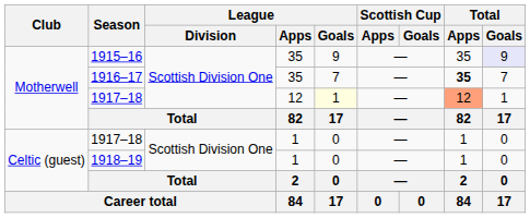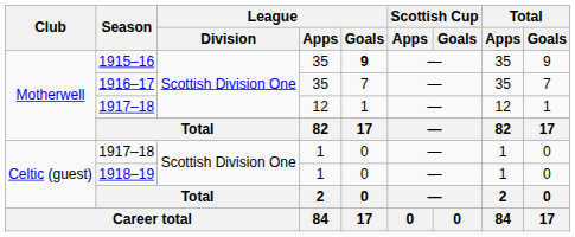 <table class="wikitable" style="text-align: center;">
 <tr>
 <th rowspan="2">Club</th>
 <th rowspan="2">Season</th>
 <th colspan="3">League</th>
 <th colspan="2">Scottish Cup</th>
 <th colspan="2">Total</th>
 </tr>
 <tr>
 <th>Division</th>
 <th>Apps</th>
 <th>Goals</th>
 <th>Apps</th>
 <th>Goals</th>
 <th>Apps</th>
 <th>Goals</th>
 </tr>
 <tr>
 <td rowspan="4"><a href='#'>Motherwell</a></td>
 <td><a href='#'>1915–16</a></td>
 <td rowspan="3"><a href='#'>Scottish Division One</a></td>
 <td>35</td>
-<td>9</td>
+<td><strong>9</strong></td>
 <td colspan="2">—</td>
 <td>35</td>
-<td style="background: lavender;">9</td>
+<td>9</td>
 </tr>
 <tr>
 <td><a href='#'>1916–17</a></td>
 <td>35</td>
 <td>7</td>
 <td colspan="2">—</td>
-<td><strong>35</strong></td>
+<td>35</td>
 <td>7</td>
 </tr>
 <tr>
 <td><a href='#'>1917–18</a></td>
 <td>12</td>
-<td style="background: lightyellow;">1</td>
+<td>1</td>
 <td colspan="2">—</td>
-<td style="background: lightsalmon;">12</td>
+<td>12</td>
 <td>1</td>
 </tr>
 <tr>
 <th colspan="2">Total</th>
 <th>82</th>
 <th>17</th>
 <th colspan="2">—</th>
 <th>82</th>
 <th>17</th>
 </tr>
 <tr>
 <td rowspan=3><a href='#'>Celtic</a> (guest)</td>
 <td>1917–18</td>
 <td rowspan=2>Scottish Division One</td>
 <td>1</td>
 <td>0</td>
 <td colspan="2">—</td>
 <td>1</td>
 <td>0</td>
 </tr>
 <tr>
 <td><a href='#'>1918–19</a></td>
 <td>1</td>
 <td>0</td>
 <td colspan="2">—</td>
 <td>1</td>
 <td>0</td>
 </tr>
 <tr>
 <th colspan="2">Total</th>
 <th>2</th>
 <th>0</th>
 <th colspan="2">—</th>
 <th>2</th>
 <th>0</th>
 </tr>
 <tr>
 <th colspan="3">Career total</th>
 <th>84</th>
 <th>17</th>
 <th>0</th>
 <th>0</th>
 <th>84</th>
 <th>17</th>
 </tr>
 </table>
